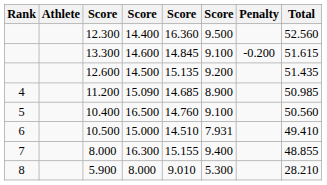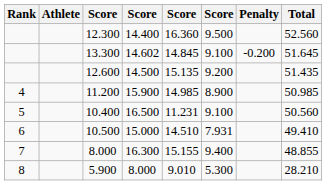 <table class="wikitable sortable" style="text-align:center">
 <tr>
 <th>Rank</th>
 <th>Athlete</th>
 <th> Score</th>
 <th> Score</th>
 <th> Score</th>
 <th> Score</th>
 <th>Penalty</th>
 <th>Total</th>
 </tr>
 <tr>
 <td></td>
 <td align=left></td>
 <td>12.300</td>
 <td>14.400</td>
 <td>16.360</td>
 <td>9.500</td>
 <td></td>
 <td>52.560</td>
 </tr>
 <tr>
 <td></td>
 <td align=left></td>
 <td>13.300</td>
-<td>14.600</td>
+<td>14.602</td>
 <td>14.845</td>
 <td>9.100</td>
 <td>-0.200</td>
-<td>51.615</td>
+<td>51.645</td>
 </tr>
 <tr>
 <td></td>
 <td align=left></td>
 <td>12.600</td>
 <td>14.500</td>
 <td>15.135</td>
 <td>9.200</td>
 <td></td>
 <td>51.435</td>
 </tr>
 <tr>
 <td>4</td>
 <td align=left></td>
 <td>11.200</td>
-<td>15.090</td>
-<td>14.685</td>
+<td>15.900</td>
+<td>14.985</td>
 <td>8.900</td>
 <td></td>
 <td>50.985</td>
 </tr>
 <tr>
 <td>5</td>
 <td align=left></td>
 <td>10.400</td>
 <td>16.500</td>
-<td>14.760</td>
+<td>11.231</td>
 <td>9.100</td>
 <td></td>
 <td>50.560</td>
 </tr>
 <tr>
 <td>6</td>
 <td align=left></td>
 <td>10.500</td>
 <td>15.000</td>
 <td>14.510</td>
 <td>7.931</td>
 <td></td>
 <td>49.410</td>
 </tr>
 <tr>
 <td>7</td>
 <td align=left></td>
 <td>8.000</td>
 <td>16.300</td>
 <td>15.155</td>
 <td>9.400</td>
 <td></td>
 <td>48.855</td>
 </tr>
 <tr>
 <td>8</td>
 <td align=left></td>
 <td>5.900</td>
 <td>8.000</td>
 <td>9.010</td>
 <td>5.300</td>
 <td></td>
 <td>28.210</td>
 </tr>
 </table>
